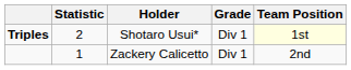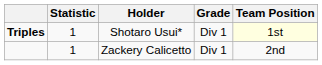 <table class="wikitable" style="text-align: center; mPERin: 0 auto;">
 <tr>
 <th></th>
 <th>Statistic</th>
 <th>Holder</th>
 <th>Grade</th>
 <th>Team Position</th>
 </tr>
 <tr>
 <td><strong>Triples</strong></td>
-<td>2</td>
+<td>1</td>
 <td>Shotaro Usui*</td>
 <td>Div 1</td>
 <td style="background: lightyellow;">1st</td>
 </tr>
 <tr>
 <td></td>
 <td>1</td>
 <td>Zackery Calicetto</td>
 <td>Div 1</td>
 <td>2nd</td>
 </tr>
 </table>
